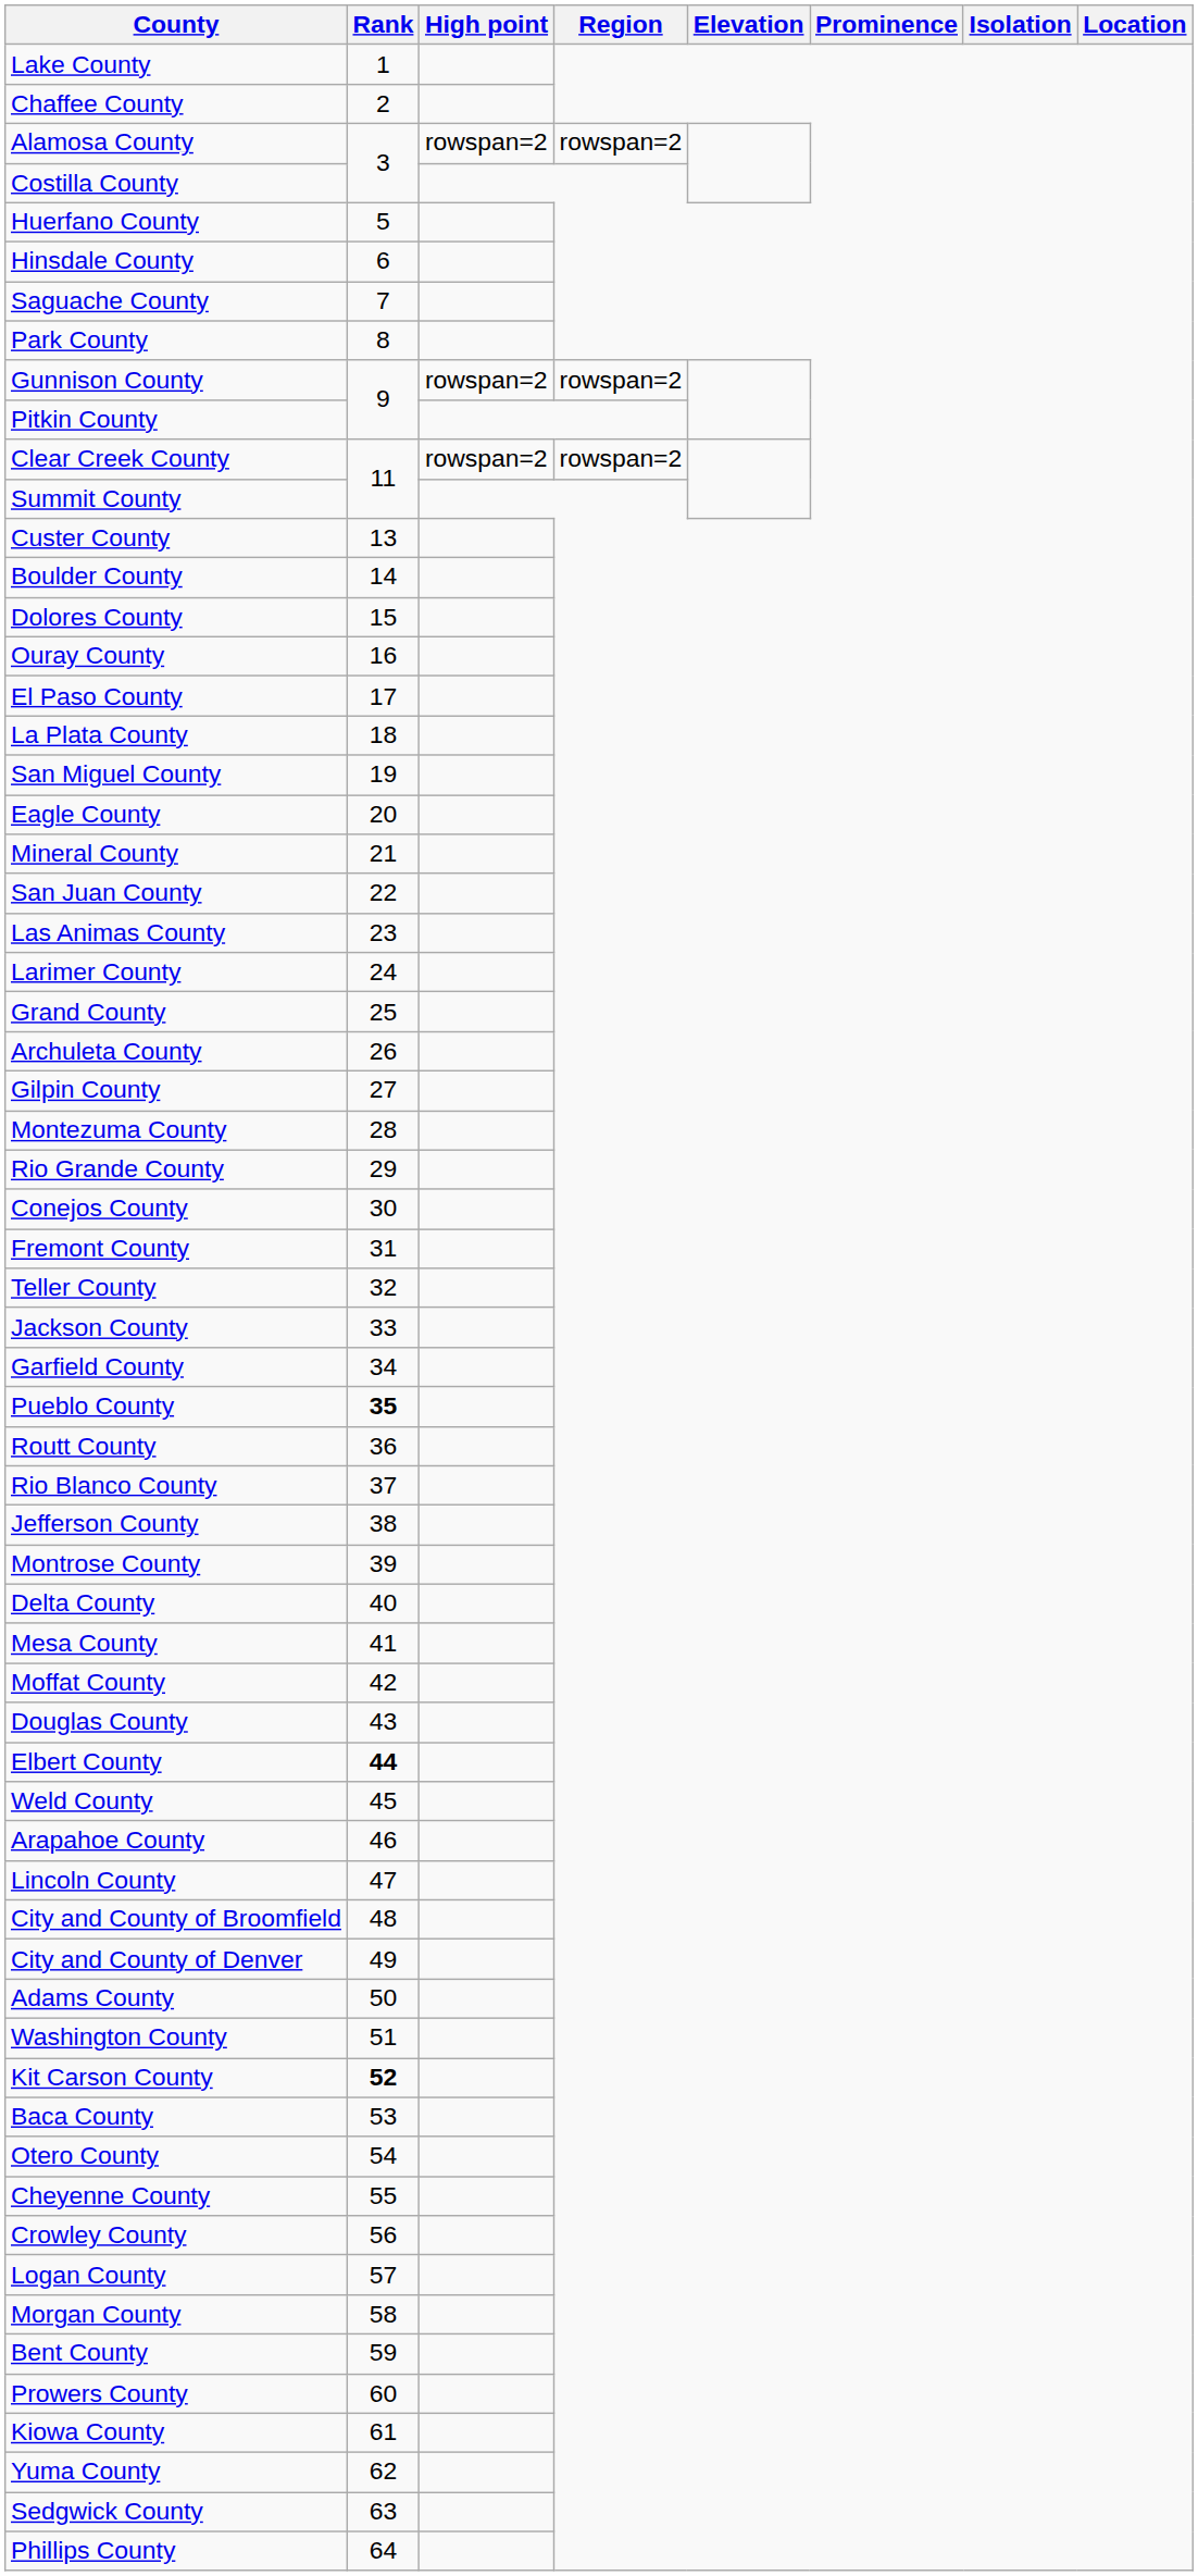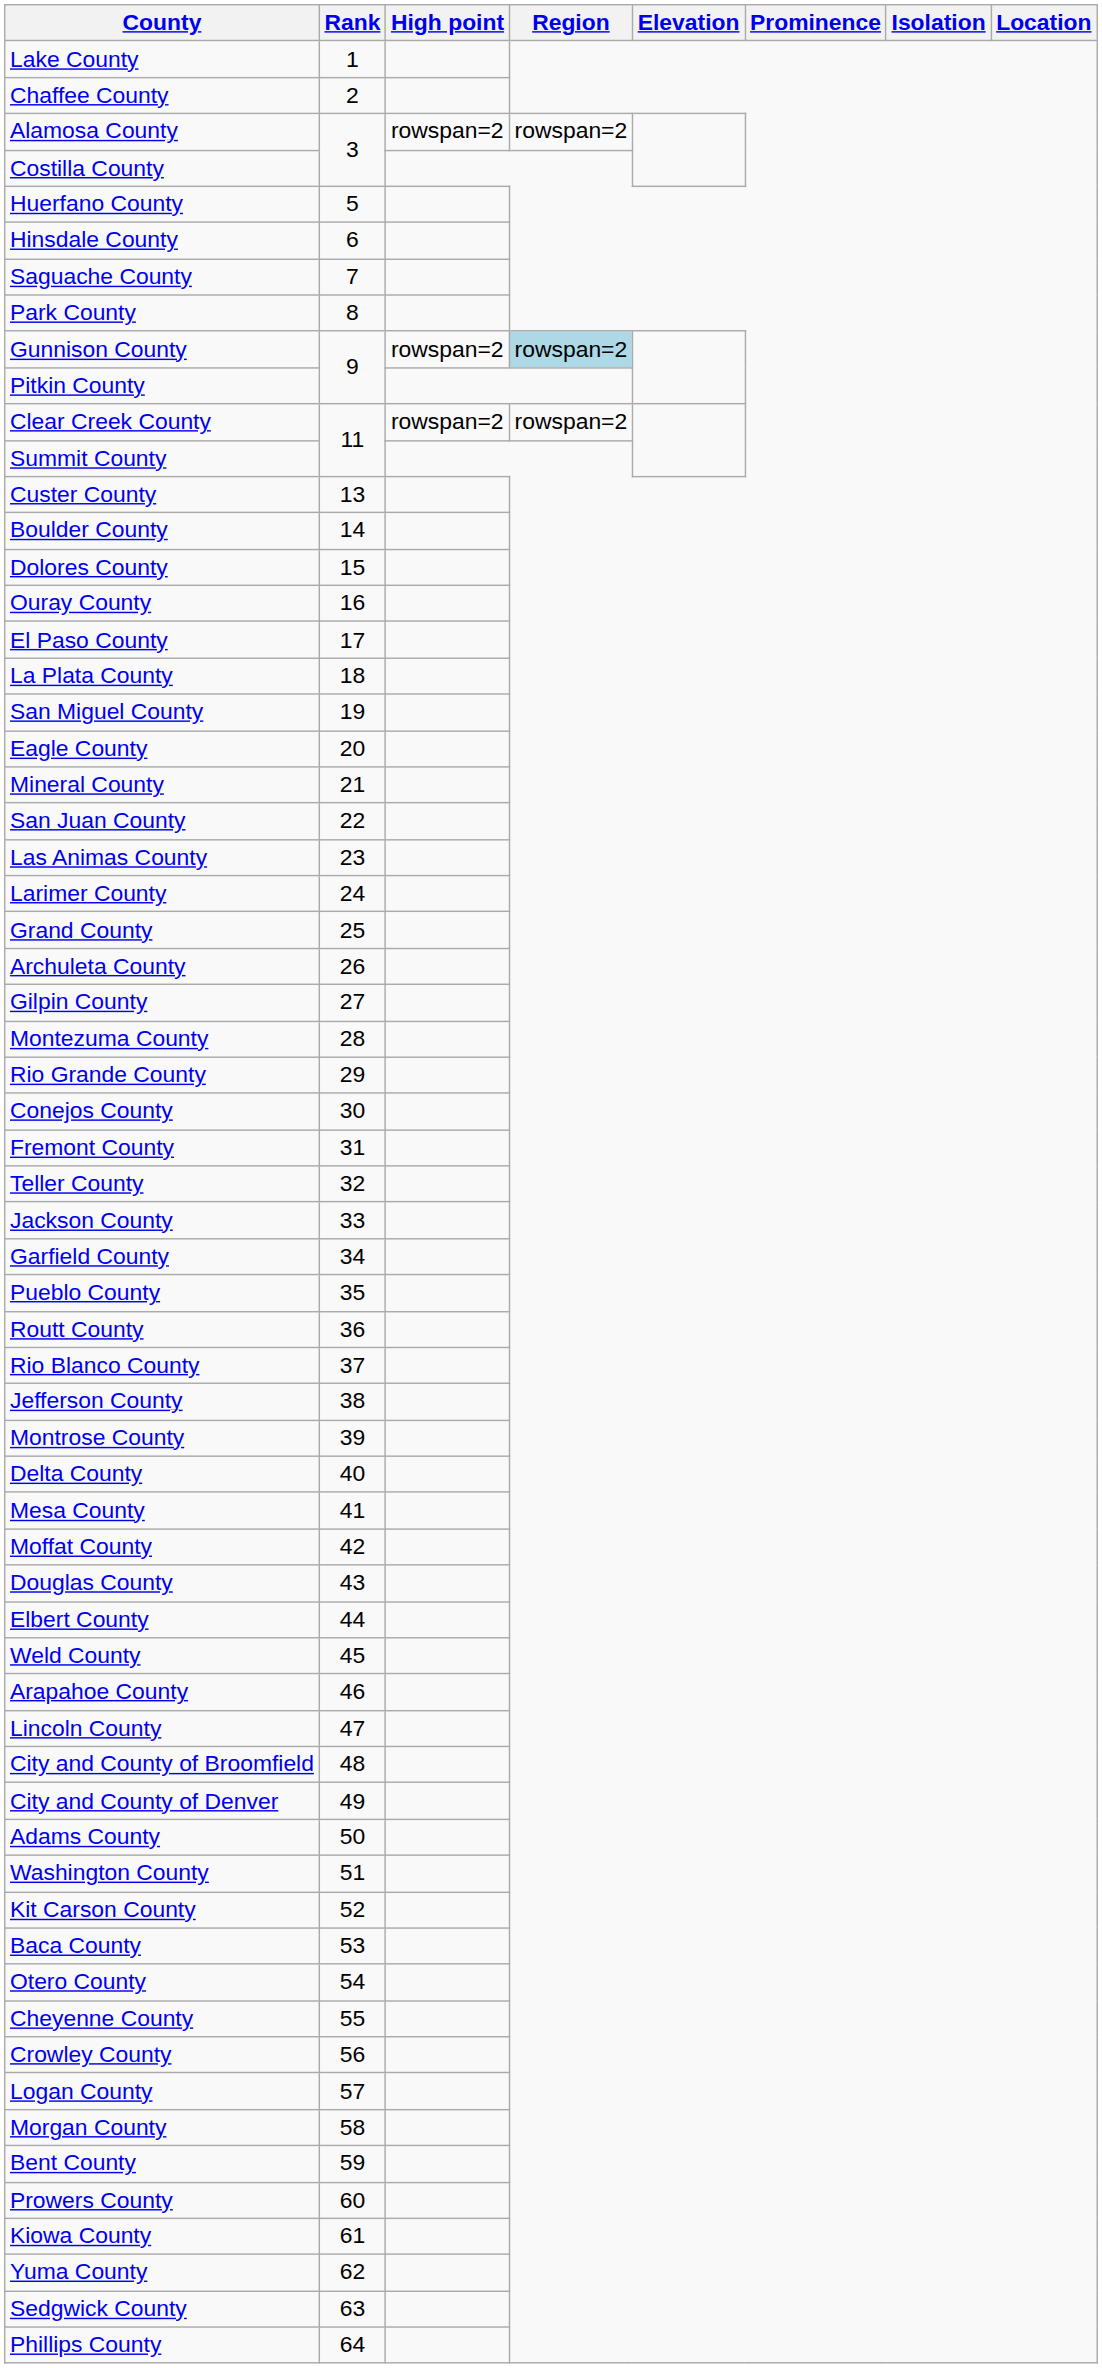 <table class="wikitable sortable">
 <tr>
 <th><a href='#'>County</a></th>
 <th><a href='#'>Rank</a></th>
 <th><a href='#'>High point</a></th>
 <th><a href='#'>Region</a></th>
 <th><a href='#'>Elevation</a></th>
 <th><a href='#'>Prominence</a></th>
 <th><a href='#'>Isolation</a></th>
 <th><a href='#'>Location</a></th>
 </tr>
 <tr>
 <td><a href='#'>Lake County</a></td>
 <td align=center>1<br>  </td>
 <td></td>
 </tr>
 <tr>
 <td><a href='#'>Chaffee County</a></td>
 <td align=center>2<br>  </td>
 <td></td>
 </tr>
 <tr>
 <td><a href='#'>Alamosa County</a></td>
 <td rowspan=2 align=center>3</td>
 <td>rowspan=2</td>
 <td>rowspan=2<br></td>
 <td rowspan=2></td>
 </tr>
 <tr>
 <td><a href='#'>Costilla County</a></td>
 </tr>
 <tr>
 <td><a href='#'>Huerfano County</a></td>
 <td align=center>5<br>  </td>
 <td></td>
 </tr>
 <tr>
 <td><a href='#'>Hinsdale County</a></td>
 <td align=center>6<br>  </td>
 <td></td>
 </tr>
 <tr>
 <td><a href='#'>Saguache County</a></td>
 <td align=center>7<br>  </td>
 <td></td>
 </tr>
 <tr>
 <td><a href='#'>Park County</a></td>
 <td align=center>8<br>  </td>
 <td></td>
 </tr>
 <tr>
 <td><a href='#'>Gunnison County</a></td>
 <td rowspan=2 align=center>9</td>
 <td>rowspan=2</td>
-<td>rowspan=2<br></td>
+<td style="background: lightblue;">rowspan=2<br></td>
 <td rowspan=2></td>
 </tr>
 <tr>
 <td><a href='#'>Pitkin County</a></td>
 </tr>
 <tr>
 <td><a href='#'>Clear Creek County</a></td>
 <td rowspan=2 align=center>11</td>
 <td>rowspan=2</td>
 <td>rowspan=2<br></td>
 <td rowspan=2></td>
 </tr>
 <tr>
 <td><a href='#'>Summit County</a></td>
 </tr>
 <tr>
 <td><a href='#'>Custer County</a></td>
 <td align=center>13<br>  </td>
 <td></td>
 </tr>
 <tr>
 <td><a href='#'>Boulder County</a></td>
 <td align=center>14<br>  </td>
 <td></td>
 </tr>
 <tr>
 <td><a href='#'>Dolores County</a></td>
 <td align=center>15<br>  </td>
 <td></td>
 </tr>
 <tr>
 <td><a href='#'>Ouray County</a></td>
 <td align=center>16<br>  </td>
 <td></td>
 </tr>
 <tr>
 <td><a href='#'>El Paso County</a></td>
 <td align=center>17<br>  </td>
 <td></td>
 </tr>
 <tr>
 <td><a href='#'>La Plata County</a></td>
 <td align=center>18<br>  </td>
 <td></td>
 </tr>
 <tr>
 <td><a href='#'>San Miguel County</a></td>
 <td align=center>19<br>  </td>
 <td></td>
 </tr>
 <tr>
 <td><a href='#'>Eagle County</a></td>
 <td align=center>20<br>  </td>
 <td></td>
 </tr>
 <tr>
 <td><a href='#'>Mineral County</a></td>
 <td align=center>21<br>  </td>
 <td></td>
 </tr>
 <tr>
 <td><a href='#'>San Juan County</a></td>
 <td align=center>22<br>  </td>
 <td></td>
 </tr>
 <tr>
 <td><a href='#'>Las Animas County</a></td>
 <td align=center>23<br>  </td>
 <td></td>
 </tr>
 <tr>
 <td><a href='#'>Larimer County</a></td>
 <td align=center>24<br>  </td>
 <td></td>
 </tr>
 <tr>
 <td><a href='#'>Grand County</a></td>
 <td align=center>25<br>  </td>
 <td></td>
 </tr>
 <tr>
 <td><a href='#'>Archuleta County</a></td>
 <td align=center>26<br>  </td>
 <td></td>
 </tr>
 <tr>
 <td><a href='#'>Gilpin County</a></td>
 <td align=center>27<br>  </td>
 <td></td>
 </tr>
 <tr>
 <td><a href='#'>Montezuma County</a></td>
 <td align=center>28<br>  </td>
 <td></td>
 </tr>
 <tr>
 <td><a href='#'>Rio Grande County</a></td>
 <td align=center>29<br>  </td>
 <td></td>
 </tr>
 <tr>
 <td><a href='#'>Conejos County</a></td>
 <td align=center>30<br>  </td>
 <td></td>
 </tr>
 <tr>
 <td><a href='#'>Fremont County</a></td>
 <td align=center>31<br>  </td>
 <td></td>
 </tr>
 <tr>
 <td><a href='#'>Teller County</a></td>
 <td align=center>32<br>  </td>
 <td></td>
 </tr>
 <tr>
 <td><a href='#'>Jackson County</a></td>
 <td align=center>33<br>  </td>
 <td></td>
 </tr>
 <tr>
 <td><a href='#'>Garfield County</a></td>
 <td align=center>34<br>  </td>
 <td></td>
 </tr>
 <tr>
 <td><a href='#'>Pueblo County</a></td>
-<td align=center><strong>35<br>  </strong></td>
+<td align=center>35<br>  </td>
 <td></td>
 </tr>
 <tr>
 <td><a href='#'>Routt County</a></td>
 <td align=center>36<br>  </td>
 <td></td>
 </tr>
 <tr>
 <td><a href='#'>Rio Blanco County</a></td>
 <td align=center>37<br>  </td>
 <td></td>
 </tr>
 <tr>
 <td><a href='#'>Jefferson County</a></td>
 <td align=center>38<br>  </td>
 <td></td>
 </tr>
 <tr>
 <td><a href='#'>Montrose County</a></td>
 <td align=center>39<br>  </td>
 <td></td>
 </tr>
 <tr>
 <td><a href='#'>Delta County</a></td>
 <td align=center>40<br>  </td>
 <td></td>
 </tr>
 <tr>
 <td><a href='#'>Mesa County</a></td>
 <td align=center>41<br>  </td>
 <td></td>
 </tr>
 <tr>
 <td><a href='#'>Moffat County</a></td>
 <td align=center>42<br>  </td>
 <td></td>
 </tr>
 <tr>
 <td><a href='#'>Douglas County</a></td>
 <td align=center>43<br>  </td>
 <td></td>
 </tr>
 <tr>
 <td><a href='#'>Elbert County</a></td>
-<td align=center><strong>44<br>  </strong></td>
+<td align=center>44<br>  </td>
 <td></td>
 </tr>
 <tr>
 <td><a href='#'>Weld County</a></td>
 <td align=center>45<br>  </td>
 <td></td>
 </tr>
 <tr>
 <td><a href='#'>Arapahoe County</a></td>
 <td align=center>46<br>  </td>
 <td></td>
 </tr>
 <tr>
 <td><a href='#'>Lincoln County</a></td>
 <td align=center>47<br>  </td>
 <td></td>
 </tr>
 <tr>
 <td><a href='#'>City and County of Broomfield</a></td>
 <td align=center>48<br>  </td>
 <td></td>
 </tr>
 <tr>
 <td><a href='#'>City and County of Denver</a></td>
 <td align=center>49<br>  </td>
 <td></td>
 </tr>
 <tr>
 <td><a href='#'>Adams County</a></td>
 <td align=center>50<br>  </td>
 <td></td>
 </tr>
 <tr>
 <td><a href='#'>Washington County</a></td>
 <td align=center>51<br>  </td>
 <td></td>
 </tr>
 <tr>
 <td><a href='#'>Kit Carson County</a></td>
-<td align=center><strong>52<br>  </strong></td>
+<td align=center>52<br>  </td>
 <td></td>
 </tr>
 <tr>
 <td><a href='#'>Baca County</a></td>
 <td align=center>53<br>  </td>
 <td></td>
 </tr>
 <tr>
 <td><a href='#'>Otero County</a></td>
 <td align=center>54<br>  </td>
 <td></td>
 </tr>
 <tr>
 <td><a href='#'>Cheyenne County</a></td>
 <td align=center>55<br>  </td>
 <td></td>
 </tr>
 <tr>
 <td><a href='#'>Crowley County</a></td>
 <td align=center>56<br>  </td>
 <td></td>
 </tr>
 <tr>
 <td><a href='#'>Logan County</a></td>
 <td align=center>57<br>  </td>
 <td></td>
 </tr>
 <tr>
 <td><a href='#'>Morgan County</a></td>
 <td align=center>58<br>  </td>
 <td></td>
 </tr>
 <tr>
 <td><a href='#'>Bent County</a></td>
 <td align=center>59<br>  </td>
 <td></td>
 </tr>
 <tr>
 <td><a href='#'>Prowers County</a></td>
 <td align=center>60<br>  </td>
 <td></td>
 </tr>
 <tr>
 <td><a href='#'>Kiowa County</a></td>
 <td align=center>61<br>  </td>
 <td></td>
 </tr>
 <tr>
 <td><a href='#'>Yuma County</a></td>
 <td align=center>62<br>  </td>
 <td></td>
 </tr>
 <tr>
 <td><a href='#'>Sedgwick County</a></td>
 <td align=center>63<br>  </td>
 <td></td>
 </tr>
 <tr>
 <td><a href='#'>Phillips County</a></td>
 <td align=center>64<br>  </td>
 <td></td>
 </tr>
 </table>
